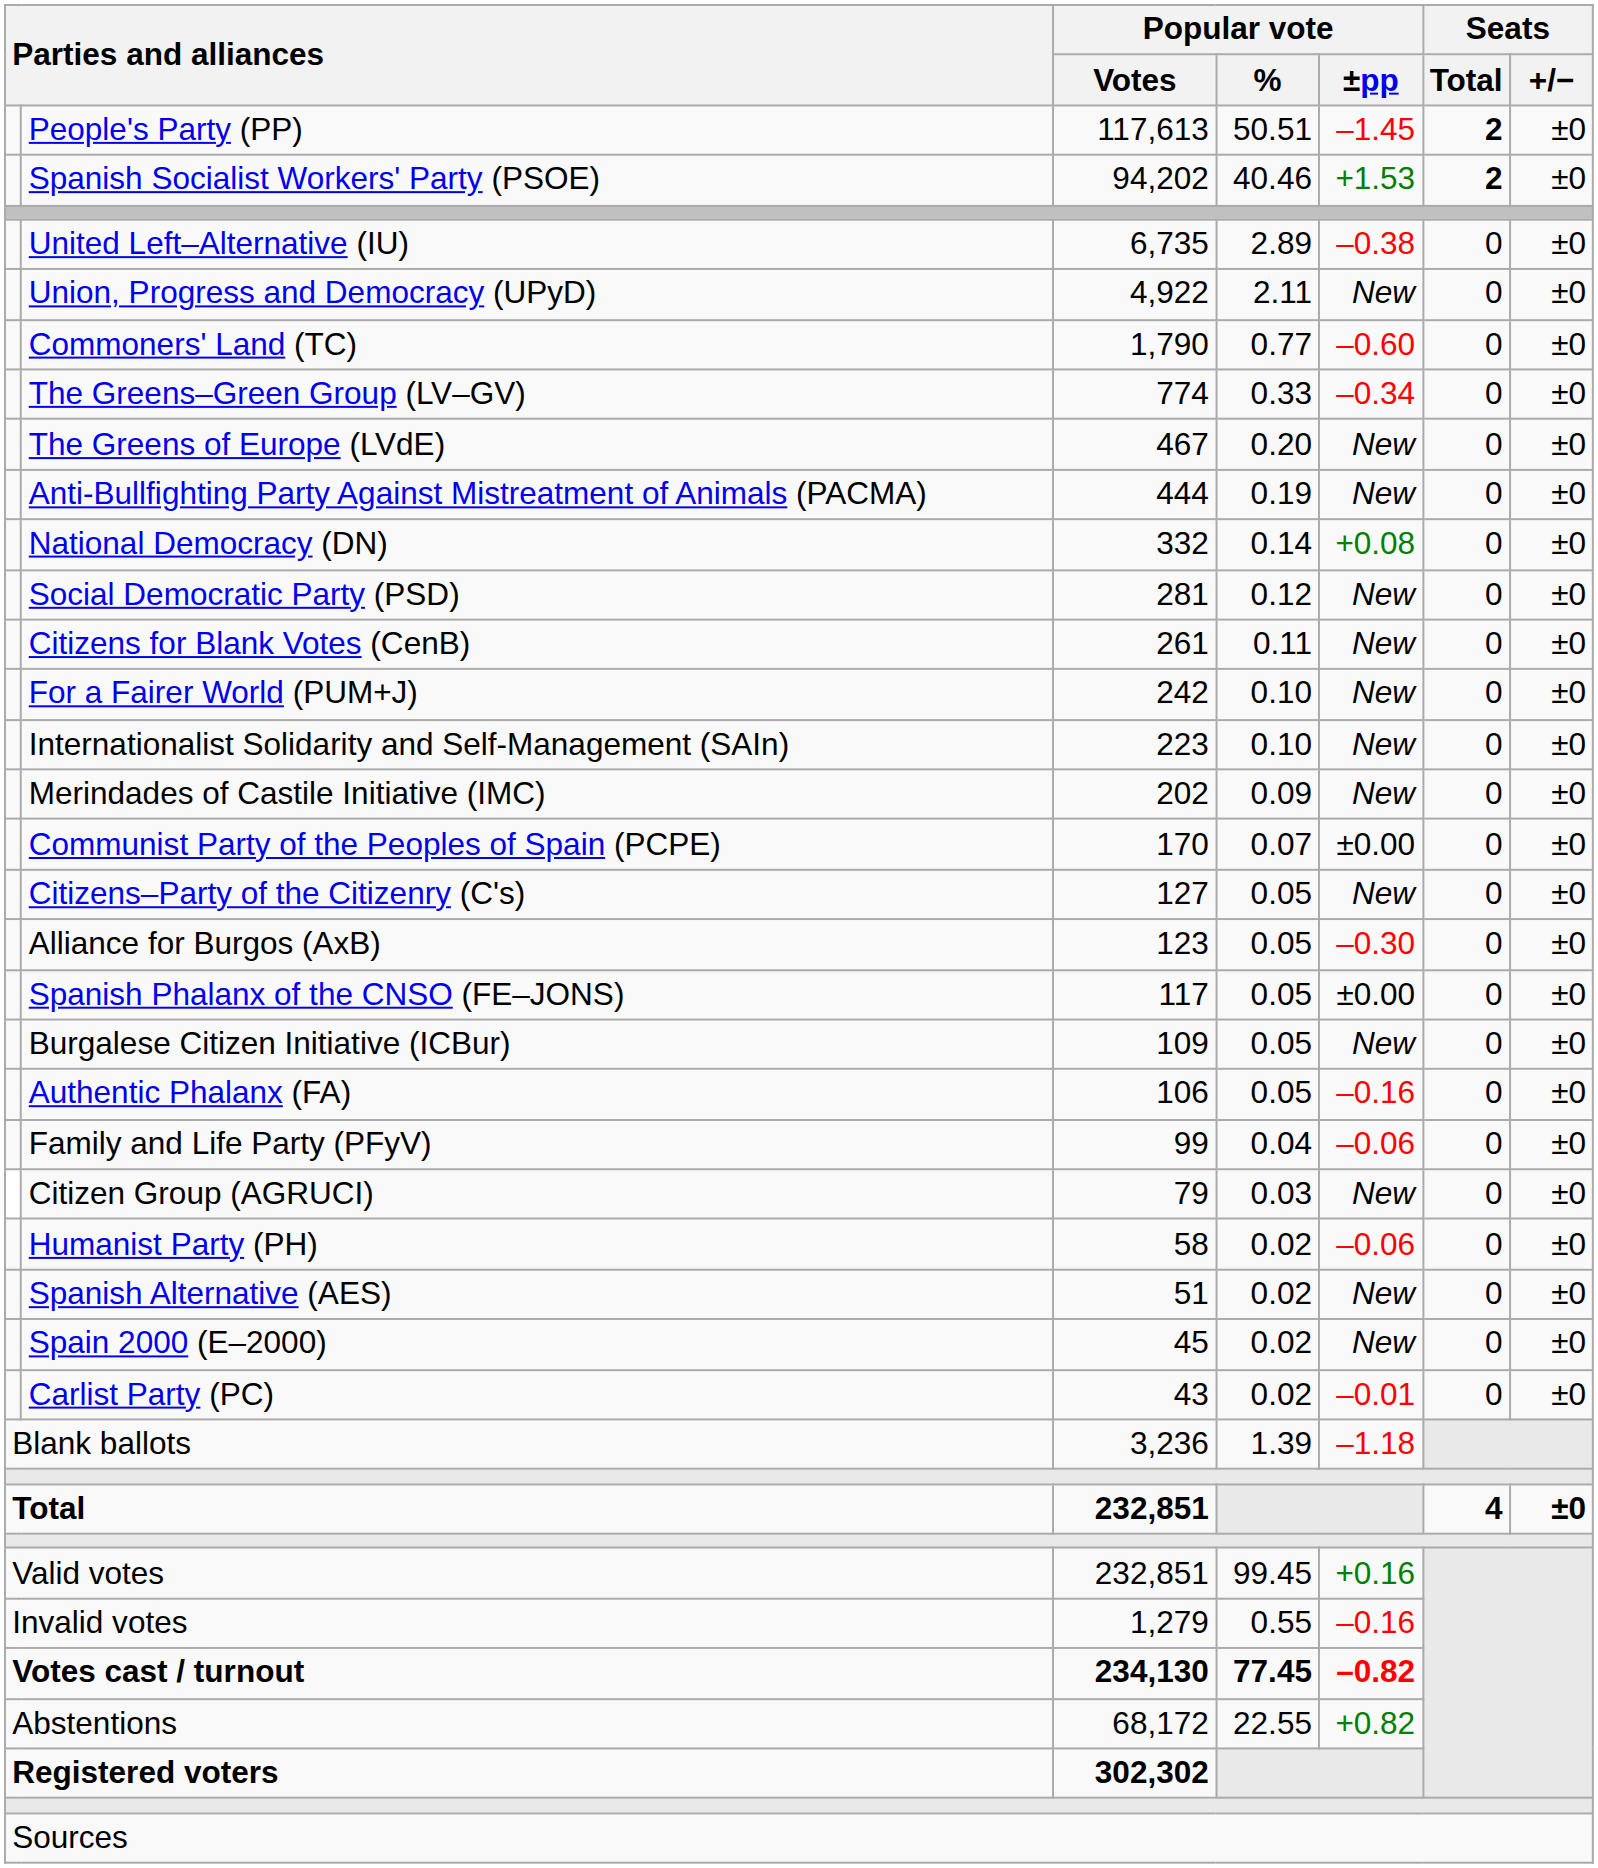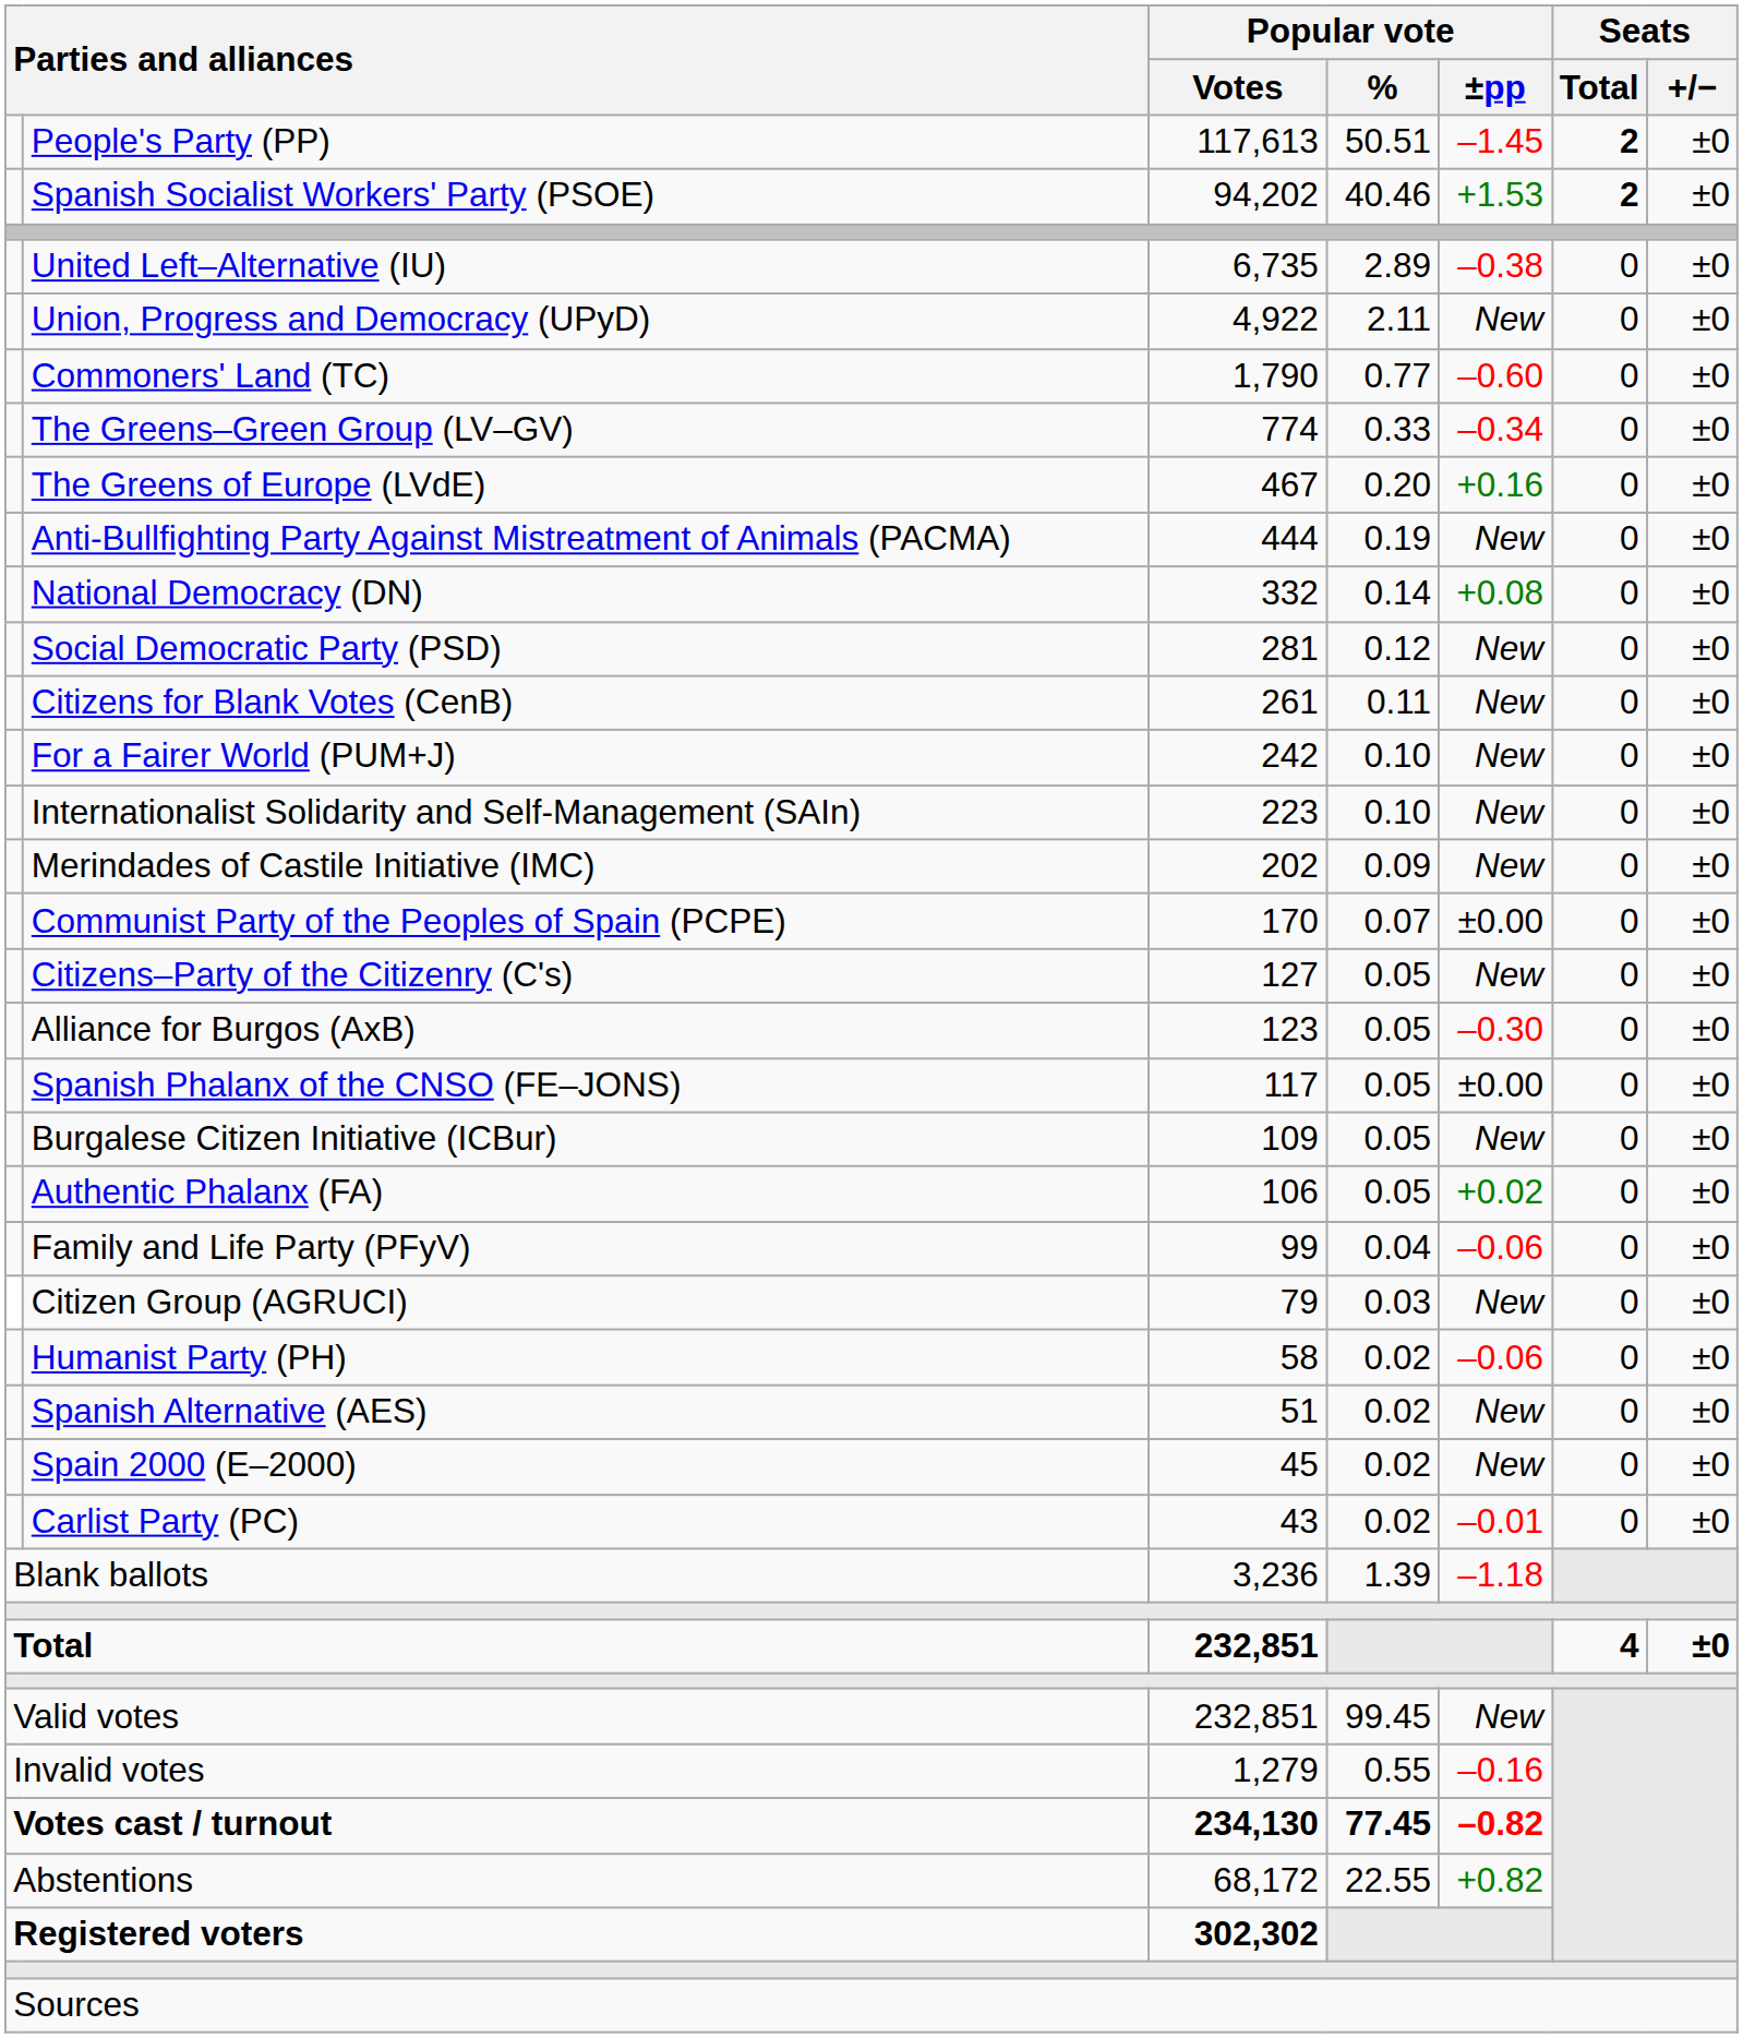 <table class="wikitable" style="text-align:right;">
 <tr>
 <th style="text-align:left;" rowspan="2" colspan="2" width="525">Parties and alliances</th>
 <th colspan="3">Popular vote</th>
 <th colspan="2">Seats</th>
 </tr>
 <tr>
 <th width="75">Votes</th>
 <th width="45">%</th>
 <th width="45">±<a href='#'>pp</a></th>
 <th width="35">Total</th>
 <th width="35">+/−</th>
 </tr>
 <tr>
 <td width="1" style="color:inherit;background:"></td>
 <td align="left"><a href='#'>People's Party</a> (PP)</td>
 <td>117,613</td>
 <td>50.51</td>
 <td style="color:red;">–1.45</td>
 <td><strong>2</strong></td>
 <td>±0</td>
 </tr>
 <tr>
 <td style="color:inherit;background:"></td>
 <td align="left"><a href='#'>Spanish Socialist Workers' Party</a> (PSOE)</td>
 <td>94,202</td>
 <td>40.46</td>
 <td style="color:green;">+1.53</td>
 <td><strong>2</strong></td>
 <td>±0</td>
 </tr>
 <tr>
 <td colspan="7" bgcolor="#C0C0C0"></td>
 </tr>
 <tr>
 <td style="color:inherit;background:"></td>
 <td align="left"><a href='#'>United Left–Alternative</a> (IU)</td>
 <td>6,735</td>
 <td>2.89</td>
 <td style="color:red;">–0.38</td>
 <td>0</td>
 <td>±0</td>
 </tr>
 <tr>
 <td style="color:inherit;background:"></td>
 <td align="left"><a href='#'>Union, Progress and Democracy</a> (UPyD)</td>
 <td>4,922</td>
 <td>2.11</td>
 <td><em>New</em></td>
 <td>0</td>
 <td>±0</td>
 </tr>
 <tr>
 <td style="color:inherit;background:"></td>
 <td align="left"><a href='#'>Commoners' Land</a> (TC)</td>
 <td>1,790</td>
 <td>0.77</td>
 <td style="color:red;">–0.60</td>
 <td>0</td>
 <td>±0</td>
 </tr>
 <tr>
 <td style="color:inherit;background:"></td>
 <td align="left"><a href='#'>The Greens–Green Group</a> (LV–GV)</td>
 <td>774</td>
 <td>0.33</td>
 <td style="color:red;">–0.34</td>
 <td>0</td>
 <td>±0</td>
 </tr>
 <tr>
 <td style="color:inherit;background:"></td>
 <td align="left"><a href='#'>The Greens of Europe</a> (LVdE)</td>
 <td>467</td>
 <td>0.20</td>
-<td><em>New</em></td>
+<td style="color:green;">+0.16</td>
 <td>0</td>
 <td>±0</td>
 </tr>
 <tr>
 <td style="color:inherit;background:"></td>
 <td align="left"><a href='#'>Anti-Bullfighting Party Against Mistreatment of Animals</a> (PACMA)</td>
 <td>444</td>
 <td>0.19</td>
 <td><em>New</em></td>
 <td>0</td>
 <td>±0</td>
 </tr>
 <tr>
 <td style="color:inherit;background:"></td>
 <td align="left"><a href='#'>National Democracy</a> (DN)</td>
 <td>332</td>
 <td>0.14</td>
 <td style="color:green;">+0.08</td>
 <td>0</td>
 <td>±0</td>
 </tr>
 <tr>
 <td style="color:inherit;background:"></td>
 <td align="left"><a href='#'>Social Democratic Party</a> (PSD)</td>
 <td>281</td>
 <td>0.12</td>
 <td><em>New</em></td>
 <td>0</td>
 <td>±0</td>
 </tr>
 <tr>
 <td style="color:inherit;background:"></td>
 <td align="left"><a href='#'>Citizens for Blank Votes</a> (CenB)</td>
 <td>261</td>
 <td>0.11</td>
 <td><em>New</em></td>
 <td>0</td>
 <td>±0</td>
 </tr>
 <tr>
 <td style="color:inherit;background:"></td>
 <td align="left"><a href='#'>For a Fairer World</a> (PUM+J)</td>
 <td>242</td>
 <td>0.10</td>
 <td><em>New</em></td>
 <td>0</td>
 <td>±0</td>
 </tr>
 <tr>
 <td style="color:inherit;background:"></td>
 <td align="left">Internationalist Solidarity and Self-Management (SAIn)</td>
 <td>223</td>
 <td>0.10</td>
 <td><em>New</em></td>
 <td>0</td>
 <td>±0</td>
 </tr>
 <tr>
 <td style="color:inherit;background:"></td>
 <td align="left">Merindades of Castile Initiative (IMC)</td>
 <td>202</td>
 <td>0.09</td>
 <td><em>New</em></td>
 <td>0</td>
 <td>±0</td>
 </tr>
 <tr>
 <td style="color:inherit;background:"></td>
 <td align="left"><a href='#'>Communist Party of the Peoples of Spain</a> (PCPE)</td>
 <td>170</td>
 <td>0.07</td>
 <td>±0.00</td>
 <td>0</td>
 <td>±0</td>
 </tr>
 <tr>
 <td style="color:inherit;background:"></td>
 <td align="left"><a href='#'>Citizens–Party of the Citizenry</a> (C's)</td>
 <td>127</td>
 <td>0.05</td>
 <td><em>New</em></td>
 <td>0</td>
 <td>±0</td>
 </tr>
 <tr>
 <td style="color:inherit;background:"></td>
 <td align="left">Alliance for Burgos (AxB)</td>
 <td>123</td>
 <td>0.05</td>
 <td style="color:red;">–0.30</td>
 <td>0</td>
 <td>±0</td>
 </tr>
 <tr>
 <td style="color:inherit;background:"></td>
 <td align="left"><a href='#'>Spanish Phalanx of the CNSO</a> (FE–JONS)</td>
 <td>117</td>
 <td>0.05</td>
 <td>±0.00</td>
 <td>0</td>
 <td>±0</td>
 </tr>
 <tr>
 <td style="color:inherit;background:"></td>
 <td align="left">Burgalese Citizen Initiative (ICBur)</td>
 <td>109</td>
 <td>0.05</td>
 <td><em>New</em></td>
 <td>0</td>
 <td>±0</td>
 </tr>
 <tr>
 <td style="color:inherit;background:"></td>
 <td align="left"><a href='#'>Authentic Phalanx</a> (FA)</td>
 <td>106</td>
 <td>0.05</td>
-<td style="color:red;">–0.16</td>
+<td style="color:green;">+0.02</td>
 <td>0</td>
 <td>±0</td>
 </tr>
 <tr>
 <td style="color:inherit;background:"></td>
 <td align="left">Family and Life Party (PFyV)</td>
 <td>99</td>
 <td>0.04</td>
 <td style="color:red;">–0.06</td>
 <td>0</td>
 <td>±0</td>
 </tr>
 <tr>
 <td bgcolor="white"></td>
 <td align="left">Citizen Group (AGRUCI)</td>
 <td>79</td>
 <td>0.03</td>
 <td><em>New</em></td>
 <td>0</td>
 <td>±0</td>
 </tr>
 <tr>
 <td style="color:inherit;background:"></td>
 <td align="left"><a href='#'>Humanist Party</a> (PH)</td>
 <td>58</td>
 <td>0.02</td>
 <td style="color:red;">–0.06</td>
 <td>0</td>
 <td>±0</td>
 </tr>
 <tr>
 <td style="color:inherit;background:"></td>
 <td align="left"><a href='#'>Spanish Alternative</a> (AES)</td>
 <td>51</td>
 <td>0.02</td>
 <td><em>New</em></td>
 <td>0</td>
 <td>±0</td>
 </tr>
 <tr>
 <td style="color:inherit;background:"></td>
 <td align="left"><a href='#'>Spain 2000</a> (E–2000)</td>
 <td>45</td>
 <td>0.02</td>
 <td><em>New</em></td>
 <td>0</td>
 <td>±0</td>
 </tr>
 <tr>
 <td style="color:inherit;background:"></td>
 <td align="left"><a href='#'>Carlist Party</a> (PC)</td>
 <td>43</td>
 <td>0.02</td>
 <td style="color:red;">–0.01</td>
 <td>0</td>
 <td>±0</td>
 </tr>
 <tr>
 <td align="left" colspan="2">Blank ballots</td>
 <td>3,236</td>
 <td>1.39</td>
 <td style="color:red;">–1.18</td>
 <td bgcolor="#E9E9E9" colspan="2"></td>
 </tr>
 <tr>
 <td colspan="7" bgcolor="#E9E9E9"></td>
 </tr>
 <tr style="font-weight:bold;">
 <td align="left" colspan="2">Total</td>
 <td>232,851</td>
 <td bgcolor="#E9E9E9" colspan="2"></td>
 <td>4</td>
 <td>±0</td>
 </tr>
 <tr>
 <td colspan="7" bgcolor="#E9E9E9"></td>
 </tr>
 <tr>
 <td align="left" colspan="2">Valid votes</td>
 <td>232,851</td>
 <td>99.45</td>
-<td style="color:green;">+0.16</td>
+<td><em>New</em></td>
 <td bgcolor="#E9E9E9" colspan="2" rowspan="5"></td>
 </tr>
 <tr>
 <td align="left" colspan="2">Invalid votes</td>
 <td>1,279</td>
 <td>0.55</td>
 <td style="color:red;">–0.16</td>
 </tr>
 <tr style="font-weight:bold;">
 <td align="left" colspan="2">Votes cast / turnout</td>
 <td>234,130</td>
 <td>77.45</td>
 <td style="color:red;">–0.82</td>
 </tr>
 <tr>
 <td align="left" colspan="2">Abstentions</td>
 <td>68,172</td>
 <td>22.55</td>
 <td style="color:green;">+0.82</td>
 </tr>
 <tr style="font-weight:bold;">
 <td align="left" colspan="2">Registered voters</td>
 <td>302,302</td>
 <td bgcolor="#E9E9E9" colspan="2"></td>
 </tr>
 <tr>
 <td colspan="7" bgcolor="#E9E9E9"></td>
 </tr>
 <tr>
 <td align="left" colspan="7">Sources</td>
 </tr>
 </table>
